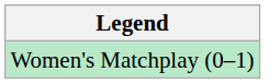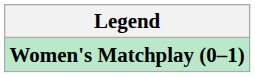 <table class="wikitable">
 <tr>
 <th>Legend</th>
 </tr>
 <tr style="background:#B9E9C9;">
-<td>Women's Matchplay (0–1)</td>
+<td><strong>Women's Matchplay (0–1)</strong></td>
 </tr>
 </table>
